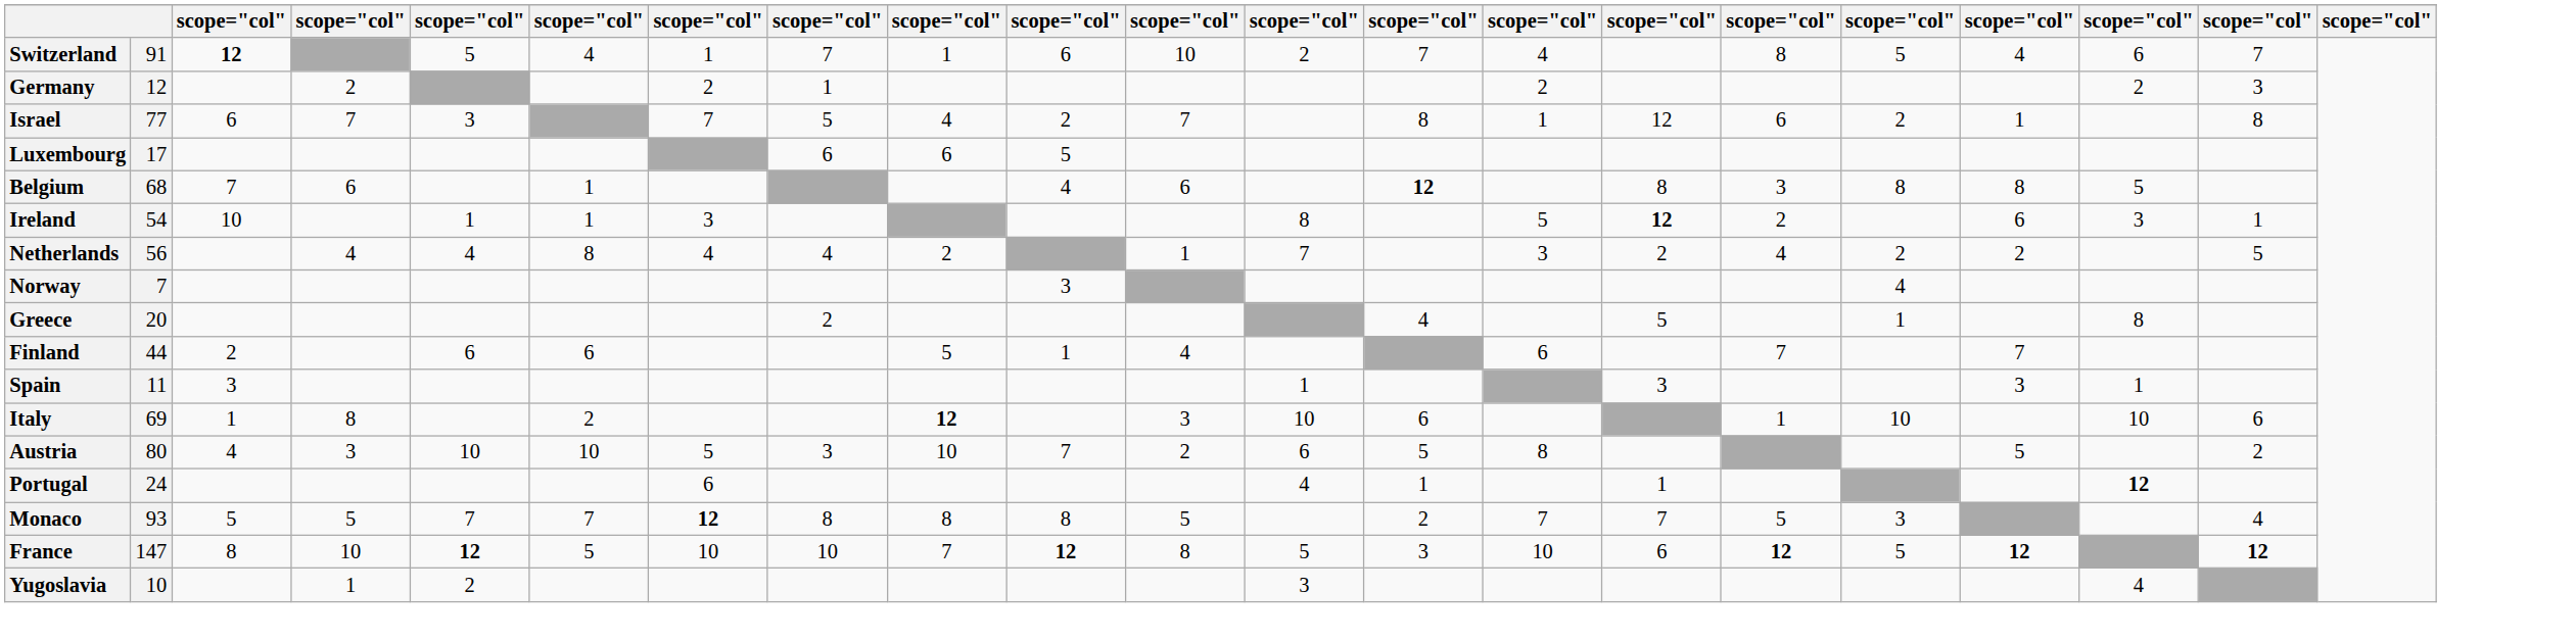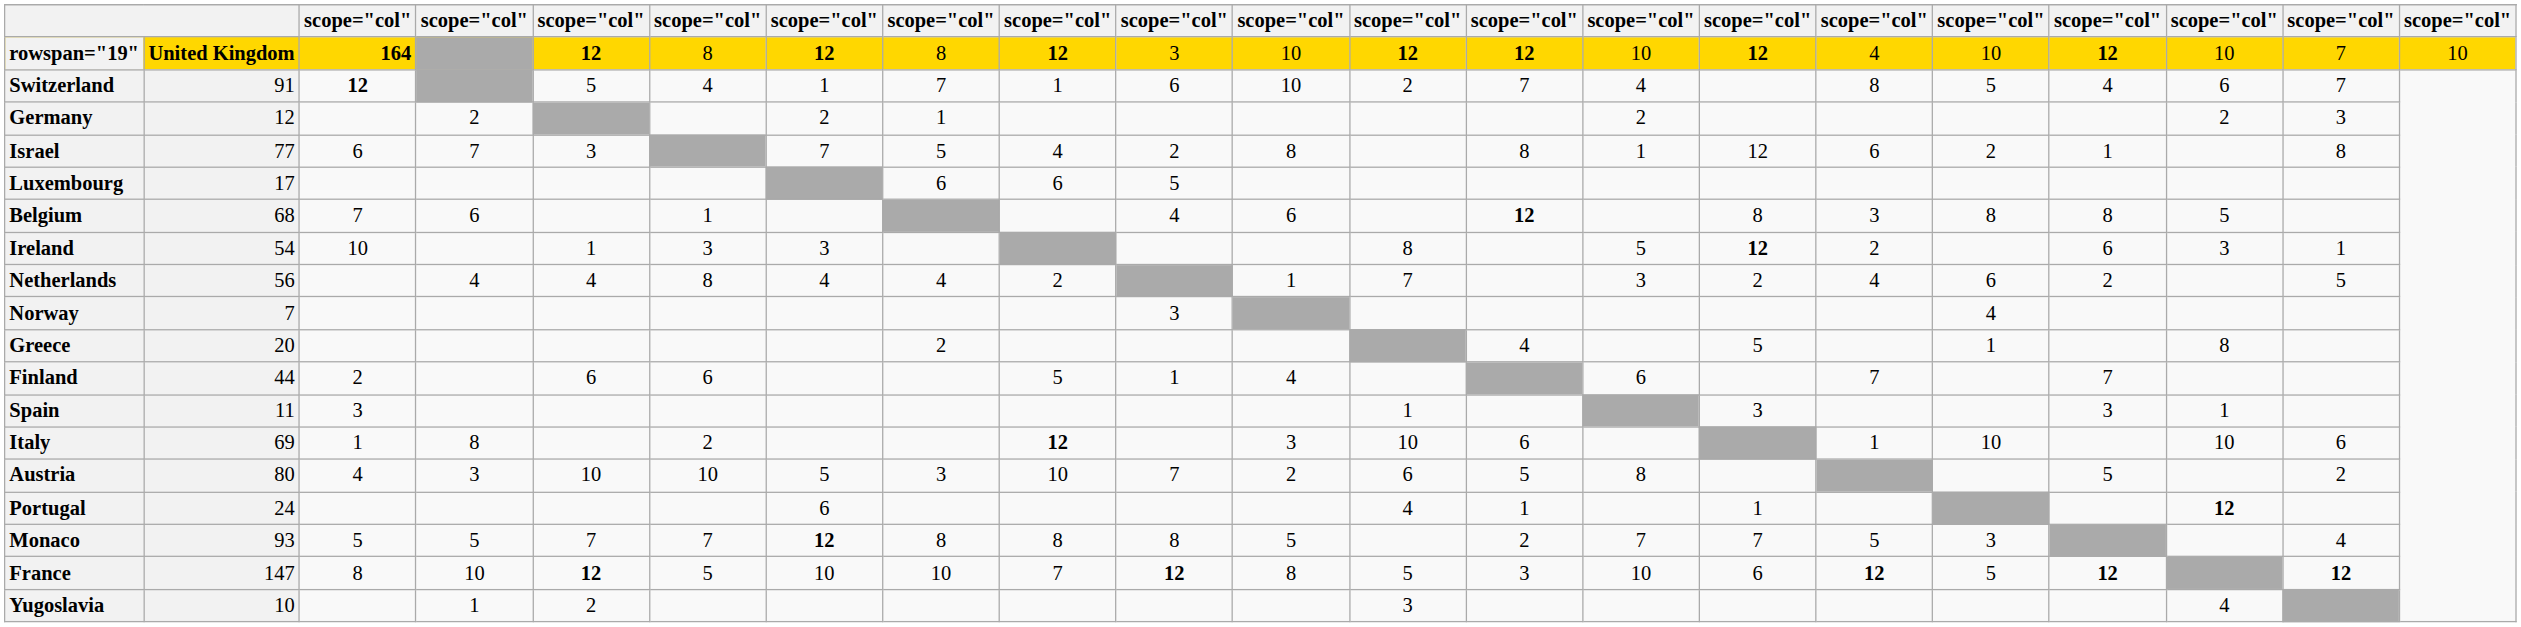 <table class="wikitable plainrowheaders" style="text-align:center;">
 <tr>
 </tr>
 <tr>
 <th colspan="2"></th>
 <th>scope="col" </th>
 <th>scope="col" </th>
 <th>scope="col" </th>
 <th>scope="col" </th>
 <th>scope="col" </th>
 <th>scope="col" </th>
 <th>scope="col" </th>
 <th>scope="col" </th>
 <th>scope="col" </th>
 <th>scope="col" </th>
 <th>scope="col" </th>
 <th>scope="col" </th>
 <th>scope="col" </th>
 <th>scope="col" </th>
 <th>scope="col" </th>
 <th>scope="col" </th>
 <th>scope="col" </th>
 <th>scope="col" </th>
 <th>scope="col" </th>
+</tr>
+<tr style="background:gold;">
+<th>rowspan="19" </th>
+<th scope="row" style="text-align:left; font-weight:bold; background:gold;">United Kingdom</th>
+<td style="text-align:right; font-weight:bold;">164</td>
+<td style="text-align:left; background:#aaa;"></td>
+<td><strong>12</strong></td>
+<td>8</td>
+<td><strong>12</strong></td>
+<td>8</td>
+<td><strong>12</strong></td>
+<td>3</td>
+<td>10</td>
+<td><strong>12</strong></td>
+<td><strong>12</strong></td>
+<td>10</td>
+<td><strong>12</strong></td>
+<td>4</td>
+<td>10</td>
+<td><strong>12</strong></td>
+<td>10</td>
+<td>7</td>
+<td>10</td>
 </tr>
 <tr>
 <th scope="row" style="text-align:left; background:#f2f2f2;">Switzerland</th>
 <td style="text-align:right; background:#f2f2f2;">91</td>
 <td><strong>12</strong></td>
 <td style="text-align:left; background:#aaa;"></td>
 <td>5</td>
 <td>4</td>
 <td>1</td>
 <td>7</td>
 <td>1</td>
 <td>6</td>
 <td>10</td>
 <td>2</td>
 <td>7</td>
 <td>4</td>
 <td></td>
 <td>8</td>
 <td>5</td>
 <td>4</td>
 <td>6</td>
 <td>7</td>
 </tr>
 <tr>
 <th scope="row" style="text-align:left; background:#f2f2f2;">Germany</th>
 <td style="text-align:right; background:#f2f2f2;">12</td>
 <td></td>
 <td>2</td>
 <td style="text-align:left; background:#aaa;"></td>
 <td></td>
 <td>2</td>
 <td>1</td>
 <td></td>
 <td></td>
 <td></td>
 <td></td>
 <td></td>
 <td>2</td>
 <td></td>
 <td></td>
 <td></td>
 <td></td>
 <td>2</td>
 <td>3</td>
 </tr>
 <tr>
 <th scope="row" style="text-align:left; background:#f2f2f2;">Israel</th>
 <td style="text-align:right; background:#f2f2f2;">77</td>
 <td>6</td>
 <td>7</td>
 <td>3</td>
 <td style="text-align:left; background:#aaa;"></td>
 <td>7</td>
 <td>5</td>
 <td>4</td>
 <td>2</td>
-<td>7</td>
+<td>8</td>
 <td></td>
 <td>8</td>
 <td>1</td>
 <td>12</td>
 <td>6</td>
 <td>2</td>
 <td>1</td>
 <td></td>
 <td>8</td>
 </tr>
 <tr>
 <th scope="row" style="text-align:left; background:#f2f2f2;">Luxembourg</th>
 <td style="text-align:right; background:#f2f2f2;">17</td>
 <td></td>
 <td></td>
 <td></td>
 <td></td>
 <td style="text-align:left; background:#aaa;"></td>
 <td>6</td>
 <td>6</td>
 <td>5</td>
 <td></td>
 <td></td>
 <td></td>
 <td></td>
 <td></td>
 <td></td>
 <td></td>
 <td></td>
 <td></td>
 <td></td>
 </tr>
 <tr>
 <th scope="row" style="text-align:left; background:#f2f2f2;">Belgium</th>
 <td style="text-align:right; background:#f2f2f2;">68</td>
 <td>7</td>
 <td>6</td>
 <td></td>
 <td>1</td>
 <td></td>
 <td style="text-align:left; background:#aaa;"></td>
 <td></td>
 <td>4</td>
 <td>6</td>
 <td></td>
 <td><strong>12</strong></td>
 <td></td>
 <td>8</td>
 <td>3</td>
 <td>8</td>
 <td>8</td>
 <td>5</td>
 <td></td>
 </tr>
 <tr>
 <th scope="row" style="text-align:left; background:#f2f2f2;">Ireland</th>
 <td style="text-align:right; background:#f2f2f2;">54</td>
 <td>10</td>
 <td></td>
 <td>1</td>
-<td>1</td>
+<td>3</td>
 <td>3</td>
 <td></td>
 <td style="text-align:left; background:#aaa;"></td>
 <td></td>
 <td></td>
 <td>8</td>
 <td></td>
 <td>5</td>
 <td><strong>12</strong></td>
 <td>2</td>
 <td></td>
 <td>6</td>
 <td>3</td>
 <td>1</td>
 </tr>
 <tr>
 <th scope="row" style="text-align:left; background:#f2f2f2;">Netherlands</th>
 <td style="text-align:right; background:#f2f2f2;">56</td>
 <td></td>
 <td>4</td>
 <td>4</td>
 <td>8</td>
 <td>4</td>
 <td>4</td>
 <td>2</td>
 <td style="text-align:left; background:#aaa;"></td>
 <td>1</td>
 <td>7</td>
 <td></td>
 <td>3</td>
 <td>2</td>
 <td>4</td>
-<td>2</td>
+<td>6</td>
 <td>2</td>
 <td></td>
 <td>5</td>
 </tr>
 <tr>
 <th scope="row" style="text-align:left; background:#f2f2f2;">Norway</th>
 <td style="text-align:right; background:#f2f2f2;">7</td>
 <td></td>
 <td></td>
 <td></td>
 <td></td>
 <td></td>
 <td></td>
 <td></td>
 <td>3</td>
 <td style="text-align:left; background:#aaa;"></td>
 <td></td>
 <td></td>
 <td></td>
 <td></td>
 <td></td>
 <td>4</td>
 <td></td>
 <td></td>
 <td></td>
 </tr>
 <tr>
 <th scope="row" style="text-align:left; background:#f2f2f2;">Greece</th>
 <td style="text-align:right; background:#f2f2f2;">20</td>
 <td></td>
 <td></td>
 <td></td>
 <td></td>
 <td></td>
 <td>2</td>
 <td></td>
 <td></td>
 <td></td>
 <td style="text-align:left; background:#aaa;"></td>
 <td>4</td>
 <td></td>
 <td>5</td>
 <td></td>
 <td>1</td>
 <td></td>
 <td>8</td>
 <td></td>
 </tr>
 <tr>
 <th scope="row" style="text-align:left; background:#f2f2f2;">Finland</th>
 <td style="text-align:right; background:#f2f2f2;">44</td>
 <td>2</td>
 <td></td>
 <td>6</td>
 <td>6</td>
 <td></td>
 <td></td>
 <td>5</td>
 <td>1</td>
 <td>4</td>
 <td></td>
 <td style="text-align:left; background:#aaa;"></td>
 <td>6</td>
 <td></td>
 <td>7</td>
 <td></td>
 <td>7</td>
 <td></td>
 <td></td>
 </tr>
 <tr>
 <th scope="row" style="text-align:left; background:#f2f2f2;">Spain</th>
 <td style="text-align:right; background:#f2f2f2;">11</td>
 <td>3</td>
 <td></td>
 <td></td>
 <td></td>
 <td></td>
 <td></td>
 <td></td>
 <td></td>
 <td></td>
 <td>1</td>
 <td></td>
 <td style="text-align:left; background:#aaa;"></td>
 <td>3</td>
 <td></td>
 <td></td>
 <td>3</td>
 <td>1</td>
 <td></td>
 </tr>
 <tr>
 <th scope="row" style="text-align:left; background:#f2f2f2;">Italy</th>
 <td style="text-align:right; background:#f2f2f2;">69</td>
 <td>1</td>
 <td>8</td>
 <td></td>
 <td>2</td>
 <td></td>
 <td></td>
 <td><strong>12</strong></td>
 <td></td>
 <td>3</td>
 <td>10</td>
 <td>6</td>
 <td></td>
 <td style="text-align:left; background:#aaa;"></td>
 <td>1</td>
 <td>10</td>
 <td></td>
 <td>10</td>
 <td>6</td>
 </tr>
 <tr>
 <th scope="row" style="text-align:left; background:#f2f2f2;">Austria</th>
 <td style="text-align:right; background:#f2f2f2;">80</td>
 <td>4</td>
 <td>3</td>
 <td>10</td>
 <td>10</td>
 <td>5</td>
 <td>3</td>
 <td>10</td>
 <td>7</td>
 <td>2</td>
 <td>6</td>
 <td>5</td>
 <td>8</td>
 <td></td>
 <td style="text-align:left; background:#aaa;"></td>
 <td></td>
 <td>5</td>
 <td></td>
 <td>2</td>
 </tr>
 <tr>
 <th scope="row" style="text-align:left; background:#f2f2f2;">Portugal</th>
 <td style="text-align:right; background:#f2f2f2;">24</td>
 <td></td>
 <td></td>
 <td></td>
 <td></td>
 <td>6</td>
 <td></td>
 <td></td>
 <td></td>
 <td></td>
 <td>4</td>
 <td>1</td>
 <td></td>
 <td>1</td>
 <td></td>
 <td style="text-align:left; background:#aaa;"></td>
 <td></td>
 <td><strong>12</strong></td>
 <td></td>
 </tr>
 <tr>
 <th scope="row" style="text-align:left; background:#f2f2f2;">Monaco</th>
 <td style="text-align:right; background:#f2f2f2;">93</td>
 <td>5</td>
 <td>5</td>
 <td>7</td>
 <td>7</td>
 <td><strong>12</strong></td>
 <td>8</td>
 <td>8</td>
 <td>8</td>
 <td>5</td>
 <td></td>
 <td>2</td>
 <td>7</td>
 <td>7</td>
 <td>5</td>
 <td>3</td>
 <td style="text-align:left; background:#aaa;"></td>
 <td></td>
 <td>4</td>
 </tr>
 <tr>
 <th scope="row" style="text-align:left; background:#f2f2f2;">France</th>
 <td style="text-align:right; background:#f2f2f2;">147</td>
 <td>8</td>
 <td>10</td>
 <td><strong>12</strong></td>
 <td>5</td>
 <td>10</td>
 <td>10</td>
 <td>7</td>
 <td><strong>12</strong></td>
 <td>8</td>
 <td>5</td>
 <td>3</td>
 <td>10</td>
 <td>6</td>
 <td><strong>12</strong></td>
 <td>5</td>
 <td><strong>12</strong></td>
 <td style="text-align:left; background:#aaa;"></td>
 <td><strong>12</strong></td>
 </tr>
 <tr>
 <th scope="row" style="text-align:left; background:#f2f2f2;">Yugoslavia</th>
 <td style="text-align:right; background:#f2f2f2;">10</td>
 <td></td>
 <td>1</td>
 <td>2</td>
 <td></td>
 <td></td>
 <td></td>
 <td></td>
 <td></td>
 <td></td>
 <td>3</td>
 <td></td>
 <td></td>
 <td></td>
 <td></td>
 <td></td>
 <td></td>
 <td>4</td>
 <td style="text-align:left; background:#aaa;"></td>
 </tr>
 </table>
